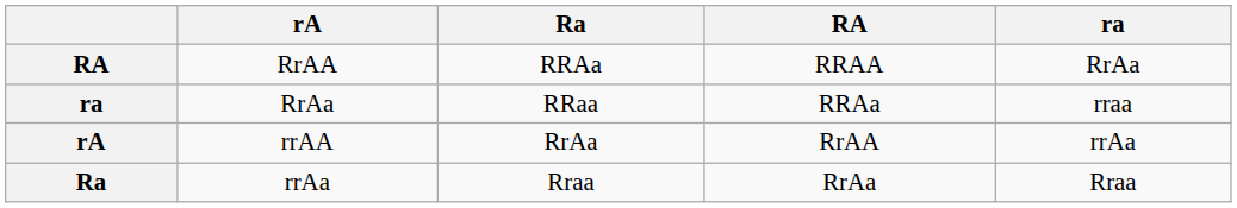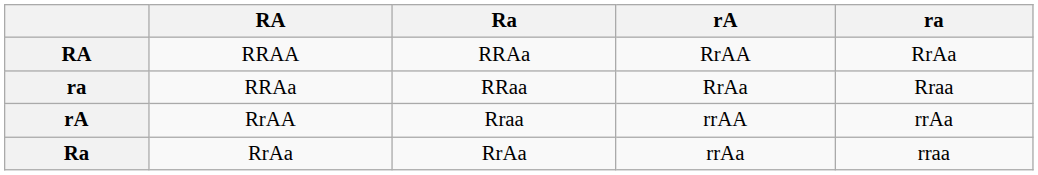 <table class="wikitable" style="text-align:center; width:50%">
 <tr>
 <th></th>
+<th>RA</th>
+<th>Ra</th>
 <th>rA</th>
-<th>Ra</th>
-<th>RA</th>
 <th>ra</th>
 </tr>
 <tr>
 <th>RA</th>
+<td>RRAA</td>
+<td>RRAa</td>
 <td>RrAA</td>
-<td>RRAa</td>
-<td>RRAA</td>
 <td>RrAa</td>
 </tr>
 <tr>
 <th>ra</th>
+<td>RRAa</td>
+<td>RRaa</td>
 <td>RrAa</td>
-<td>RRaa</td>
-<td>RRAa</td>
-<td>rraa</td>
+<td>Rraa</td>
 </tr>
 <tr>
 <th>rA</th>
+<td>RrAA</td>
+<td>Rraa</td>
 <td>rrAA</td>
-<td>RrAa</td>
-<td>RrAA</td>
 <td>rrAa</td>
 </tr>
 <tr>
 <th>Ra</th>
+<td>RrAa</td>
+<td>RrAa</td>
 <td>rrAa</td>
-<td>Rraa</td>
-<td>RrAa</td>
-<td>Rraa</td>
+<td>rraa</td>
 </tr>
 </table>
